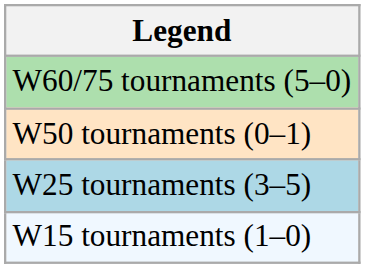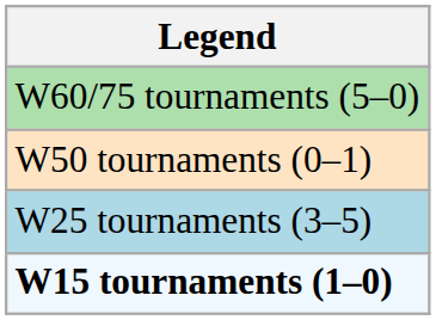 <table class=wikitable style="font-size:85%">
 <tr>
 <th>Legend</th>
 </tr>
 <tr style="background:#addfad;">
 <td>W60/75 tournaments (5–0)</td>
 </tr>
 <tr style="background:#ffe4c4;">
 <td>W50 tournaments (0–1)</td>
 </tr>
 <tr style="background:lightblue;">
 <td>W25 tournaments (3–5)</td>
 </tr>
 <tr style="background:#f0f8ff;">
-<td>W15 tournaments (1–0)</td>
+<td><strong>W15 tournaments (1–0)</strong></td>
 </tr>
 </table>
